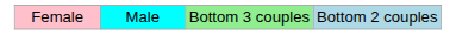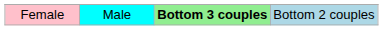 <table class="wikitable" style="margin:1em auto; text-align:center;">
 <tr>
 </tr>
 <tr>
 <td style="background:pink;" width="20%">Female</td>
 <td style="background:cyan;" width="20%">Male</td>
-<td style="background:lightgreen;">Bottom 3 couples</td>
+<td style="background:lightgreen;"><strong>Bottom 3 couples</strong></td>
 <td style="background:lightblue;">Bottom 2 couples</td>
 </tr>
 </table>
